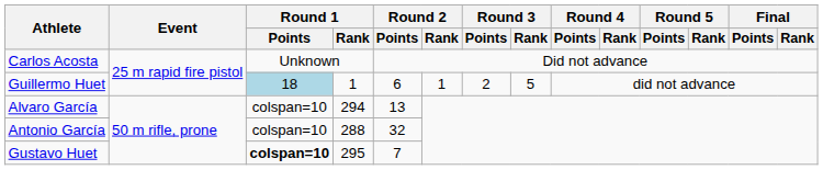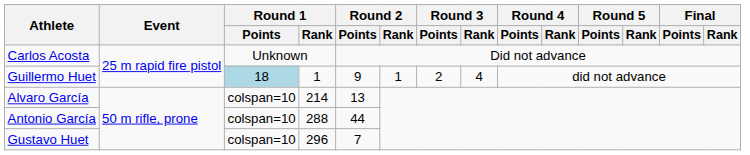 <table class="wikitable" style="font-size:90%;">
 <tr>
 <th rowspan=2>Athlete</th>
 <th rowspan=2>Event</th>
 <th colspan=2>Round 1</th>
 <th colspan=2>Round 2</th>
 <th colspan=2>Round 3</th>
 <th colspan=2>Round 4</th>
 <th colspan=2>Round 5</th>
 <th colspan=2>Final</th>
 </tr>
 <tr style="font-size:95%">
 <th>Points</th>
 <th>Rank</th>
 <th>Points</th>
 <th>Rank</th>
 <th>Points</th>
 <th>Rank</th>
 <th>Points</th>
 <th>Rank</th>
 <th>Points</th>
 <th>Rank</th>
 <th>Points</th>
 <th>Rank</th>
 </tr>
 <tr align=center>
 <td align=left><a href='#'>Carlos Acosta</a></td>
 <td align=left rowspan=2><a href='#'>25 m rapid fire pistol</a></td>
 <td colspan=2>Unknown</td>
 <td colspan=10>Did not advance</td>
 </tr>
 <tr align=center>
 <td align=left><a href='#'>Guillermo Huet</a></td>
 <td style="background: lightblue;">18</td>
 <td>1</td>
-<td>6</td>
+<td>9</td>
 <td>1</td>
 <td>2</td>
-<td>5</td>
+<td>4</td>
 <td colspan=6>did not advance</td>
 </tr>
 <tr align=center>
 <td align=left><a href='#'>Alvaro García</a></td>
 <td align=left rowspan=3><a href='#'>50 m rifle, prone</a></td>
 <td>colspan=10 </td>
-<td>294</td>
+<td>214</td>
 <td>13</td>
 </tr>
 <tr align=center>
 <td align=left><a href='#'>Antonio García</a></td>
 <td>colspan=10 </td>
 <td>288</td>
-<td>32</td>
+<td>44</td>
 </tr>
 <tr align=center>
 <td align=left><a href='#'>Gustavo Huet</a></td>
-<td><strong>colspan=10 </strong></td>
-<td>295</td>
+<td>colspan=10 </td>
+<td>296</td>
 <td>7</td>
 </tr>
 </table>
